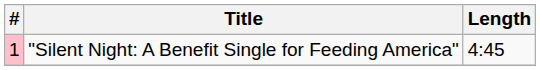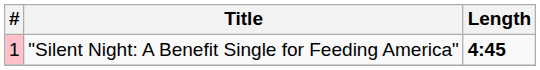 <table class="wikitable">
 <tr>
 <th>#</th>
 <th>Title</th>
 <th>Length</th>
 </tr>
 <tr>
 <td style="background: pink;">1</td>
 <td>"Silent Night: A Benefit Single for Feeding America"</td>
-<td>4:45</td>
+<td><strong>4:45</strong></td>
 </tr>
 <tr>
 </tr>
 </table>
